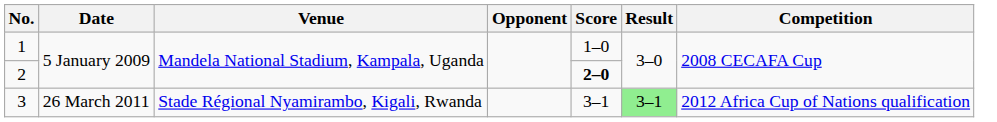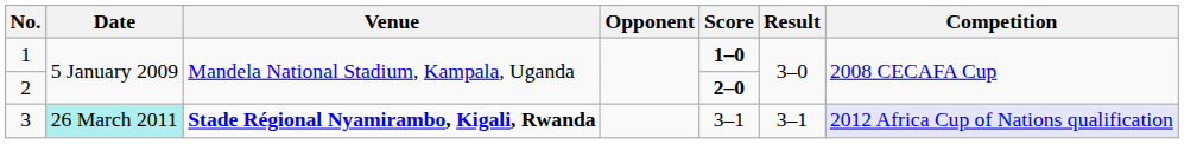 <table class="wikitable sortable">
 <tr>
 <th scope="col">No.</th>
 <th scope="col">Date</th>
 <th scope="col">Venue</th>
 <th scope="col">Opponent</th>
 <th scope="col">Score</th>
 <th scope="col">Result</th>
 <th scope="col">Competition</th>
 </tr>
 <tr>
 <td align="center">1</td>
 <td rowspan="2">5 January 2009</td>
 <td rowspan="2"><a href='#'>Mandela National Stadium</a>, <a href='#'>Kampala</a>, Uganda</td>
 <td rowspan="2"></td>
-<td align="center">1–0</td>
+<td align="center"><strong>1–0</strong></td>
 <td rowspan="2" style="text-align:center">3–0</td>
 <td rowspan="2"><a href='#'>2008 CECAFA Cup</a></td>
 </tr>
 <tr>
 <td align="center">2</td>
 <td align="center"><strong>2–0</strong></td>
 </tr>
 <tr>
 <td align="center">3</td>
-<td>26 March 2011</td>
-<td><a href='#'>Stade Régional Nyamirambo</a>, <a href='#'>Kigali</a>, Rwanda</td>
+<td style="background: paleturquoise;">26 March 2011</td>
+<td><strong><a href='#'>Stade Régional Nyamirambo</a>, <a href='#'>Kigali</a>, Rwanda</strong></td>
 <td></td>
 <td align="center">3–1</td>
-<td align="center" style="background: lightgreen;">3–1</td>
-<td><a href='#'>2012 Africa Cup of Nations qualification</a></td>
+<td align="center">3–1</td>
+<td style="background: lavender;"><a href='#'>2012 Africa Cup of Nations qualification</a></td>
 </tr>
 </table>
